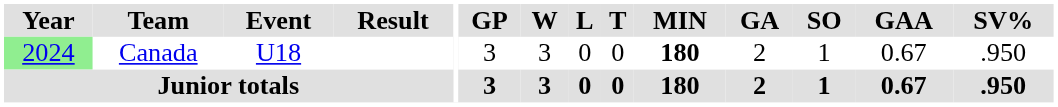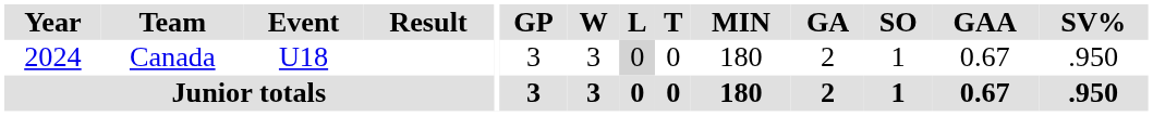 <table border="0" cellpadding="1" cellspacing="0" ID="Table3" style="text-align:center; width:40em;">
 <tr bgcolor="#e0e0e0">
 <th>Year</th>
 <th>Team</th>
 <th>Event</th>
 <th>Result</th>
 <th rowspan="99" bgcolor="#ffffff"></th>
 <th>GP</th>
 <th>W</th>
 <th>L</th>
 <th>T</th>
 <th>MIN</th>
 <th>GA</th>
 <th>SO</th>
 <th>GAA</th>
 <th>SV%</th>
 </tr>
 <tr>
-<td style="background: lightgreen;"><a href='#'>2024</a></td>
+<td><a href='#'>2024</a></td>
 <td><a href='#'>Canada</a></td>
 <td><a href='#'>U18</a></td>
 <td></td>
 <td>3</td>
 <td>3</td>
+<td style="background: lightgrey;">0</td>
 <td>0</td>
-<td>0</td>
-<td><strong>180</strong></td>
+<td>180</td>
 <td>2</td>
 <td>1</td>
 <td>0.67</td>
 <td>.950</td>
 </tr>
 <tr bgcolor="#e0e0e0">
 <th colspan="4">Junior totals</th>
 <th>3</th>
 <th>3</th>
 <th>0</th>
 <th>0</th>
 <th>180</th>
 <th>2</th>
 <th>1</th>
 <th>0.67</th>
 <th>.950</th>
 </tr>
 </table>
